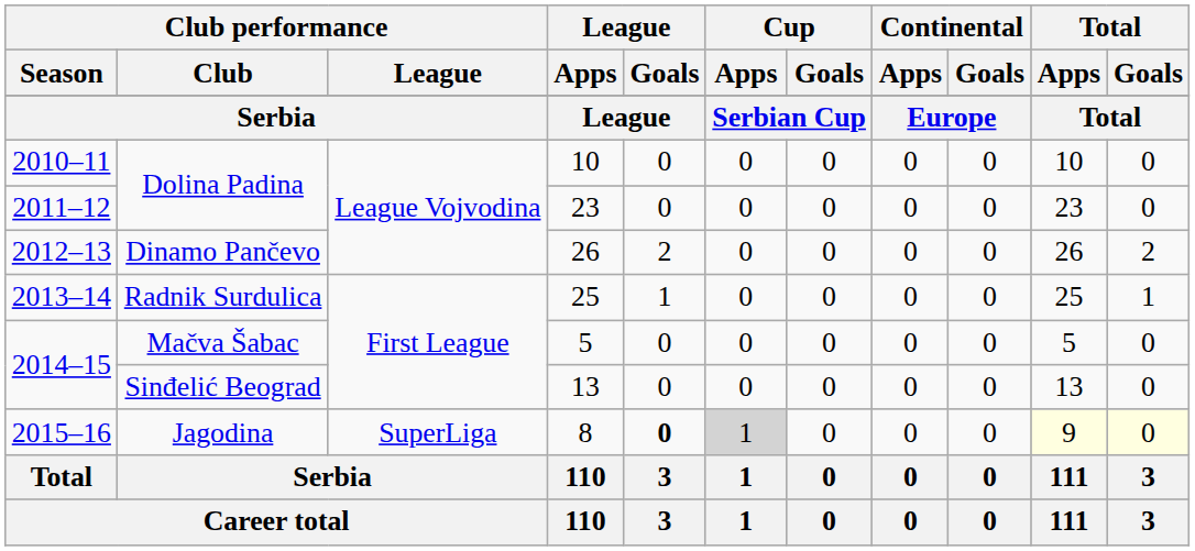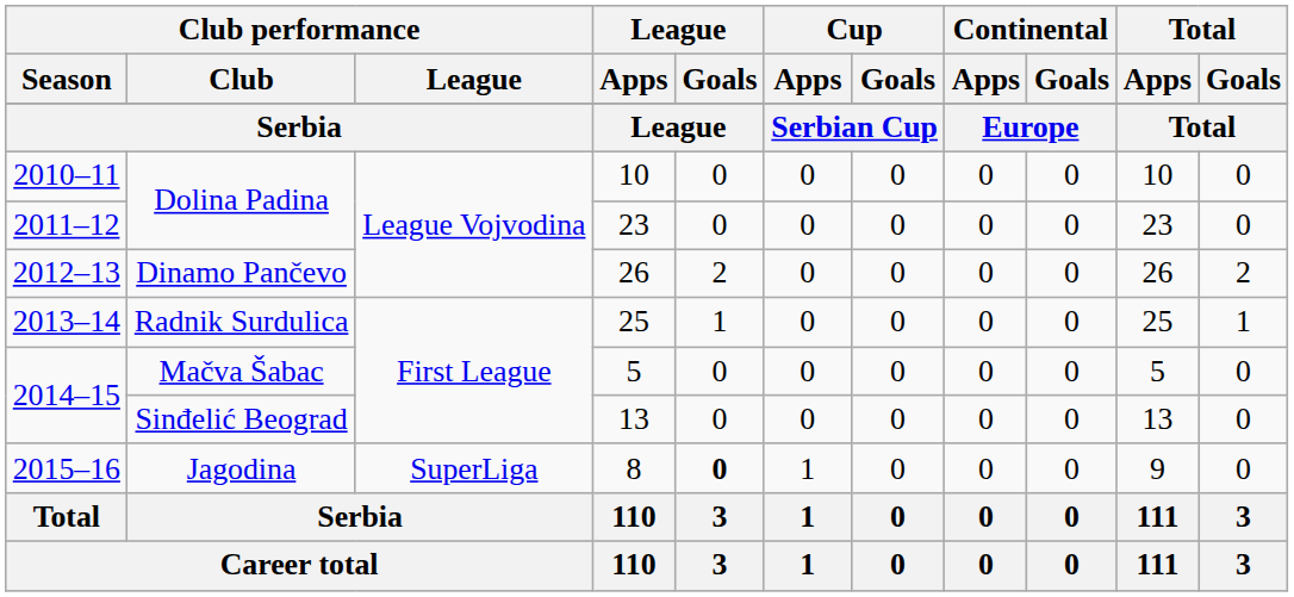 <table class="wikitable" style="text-align:center">
 <tr>
 <th colspan=3>Club performance</th>
 <th colspan=2>League</th>
 <th colspan=2>Cup</th>
 <th colspan=2>Continental</th>
 <th colspan=2>Total</th>
 </tr>
 <tr>
 <th>Season</th>
 <th>Club</th>
 <th>League</th>
 <th>Apps</th>
 <th>Goals</th>
 <th>Apps</th>
 <th>Goals</th>
 <th>Apps</th>
 <th>Goals</th>
 <th>Apps</th>
 <th>Goals</th>
 </tr>
 <tr>
 </tr>
 <tr>
 <th colspan=3>Serbia</th>
 <th colspan=2>League</th>
 <th colspan=2><a href='#'>Serbian Cup</a></th>
 <th colspan=2><a href='#'>Europe</a></th>
 <th colspan=2>Total</th>
 </tr>
 <tr>
 <td><a href='#'>2010–11</a></td>
 <td rowspan="2"><a href='#'>Dolina Padina</a></td>
 <td rowspan="3"><a href='#'>League Vojvodina</a></td>
 <td>10</td>
 <td>0</td>
 <td>0</td>
 <td>0</td>
 <td>0</td>
 <td>0</td>
 <td>10</td>
 <td>0</td>
 </tr>
 <tr>
 <td><a href='#'>2011–12</a></td>
 <td>23</td>
 <td>0</td>
 <td>0</td>
 <td>0</td>
 <td>0</td>
 <td>0</td>
 <td>23</td>
 <td>0</td>
 </tr>
 <tr>
 <td><a href='#'>2012–13</a></td>
 <td><a href='#'>Dinamo Pančevo</a></td>
 <td>26</td>
 <td>2</td>
 <td>0</td>
 <td>0</td>
 <td>0</td>
 <td>0</td>
 <td>26</td>
 <td>2</td>
 </tr>
 <tr>
 <td><a href='#'>2013–14</a></td>
 <td><a href='#'>Radnik Surdulica</a></td>
 <td rowspan="3"><a href='#'>First League</a></td>
 <td>25</td>
 <td>1</td>
 <td>0</td>
 <td>0</td>
 <td>0</td>
 <td>0</td>
 <td>25</td>
 <td>1</td>
 </tr>
 <tr>
 <td rowspan="2"><a href='#'>2014–15</a></td>
 <td><a href='#'>Mačva Šabac</a></td>
 <td>5</td>
 <td>0</td>
 <td>0</td>
 <td>0</td>
 <td>0</td>
 <td>0</td>
 <td>5</td>
 <td>0</td>
 </tr>
 <tr>
 <td><a href='#'>Sinđelić Beograd</a></td>
 <td>13</td>
 <td>0</td>
 <td>0</td>
 <td>0</td>
 <td>0</td>
 <td>0</td>
 <td>13</td>
 <td>0</td>
 </tr>
 <tr>
 <td><a href='#'>2015–16</a></td>
 <td><a href='#'>Jagodina</a></td>
 <td><a href='#'>SuperLiga</a></td>
 <td>8</td>
 <td><strong>0</strong></td>
-<td style="background: lightgrey;">1</td>
+<td>1</td>
 <td>0</td>
 <td>0</td>
 <td>0</td>
-<td style="background: lightyellow;">9</td>
-<td style="background: lightyellow;">0</td>
+<td>9</td>
+<td>0</td>
 </tr>
 <tr>
 <th rowspan=1>Total</th>
 <th colspan=2>Serbia</th>
 <th>110</th>
 <th>3</th>
 <th>1</th>
 <th>0</th>
 <th>0</th>
 <th>0</th>
 <th>111</th>
 <th>3</th>
 </tr>
 <tr>
 <th colspan=3>Career total</th>
 <th>110</th>
 <th>3</th>
 <th>1</th>
 <th>0</th>
 <th>0</th>
 <th>0</th>
 <th>111</th>
 <th>3</th>
 </tr>
 </table>
